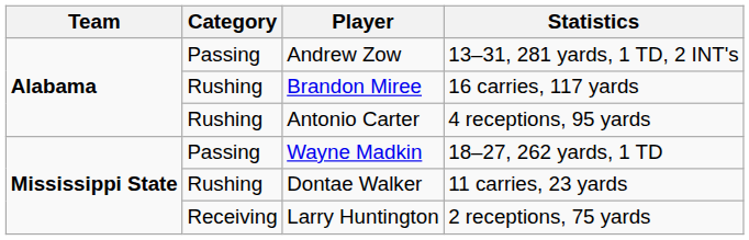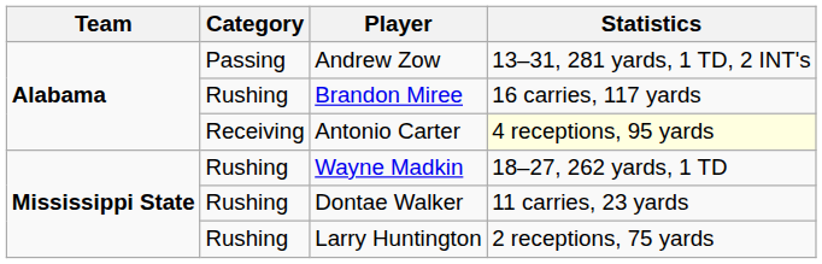 <table class="wikitable" style="float: right;">
 <tr>
 <th>Team</th>
 <th>Category</th>
 <th>Player</th>
 <th>Statistics</th>
 </tr>
 <tr>
 <td rowspan=3><strong>Alabama</strong></td>
 <td>Passing</td>
 <td>Andrew Zow</td>
 <td>13–31, 281 yards, 1 TD, 2 INT's</td>
 </tr>
 <tr>
 <td>Rushing</td>
 <td><a href='#'>Brandon Miree</a></td>
 <td>16 carries, 117 yards</td>
 </tr>
 <tr>
-<td>Rushing</td>
+<td>Receiving</td>
 <td>Antonio Carter</td>
-<td>4 receptions, 95 yards</td>
+<td style="background: lightyellow;">4 receptions, 95 yards</td>
 </tr>
 <tr>
 <td rowspan=3><strong>Mississippi State</strong></td>
-<td>Passing</td>
+<td>Rushing</td>
 <td><a href='#'>Wayne Madkin</a></td>
 <td>18–27, 262 yards, 1 TD</td>
 </tr>
 <tr>
 <td>Rushing</td>
 <td>Dontae Walker</td>
 <td>11 carries, 23 yards</td>
 </tr>
 <tr>
-<td>Receiving</td>
+<td>Rushing</td>
 <td>Larry Huntington</td>
 <td>2 receptions, 75 yards</td>
 </tr>
 </table>
